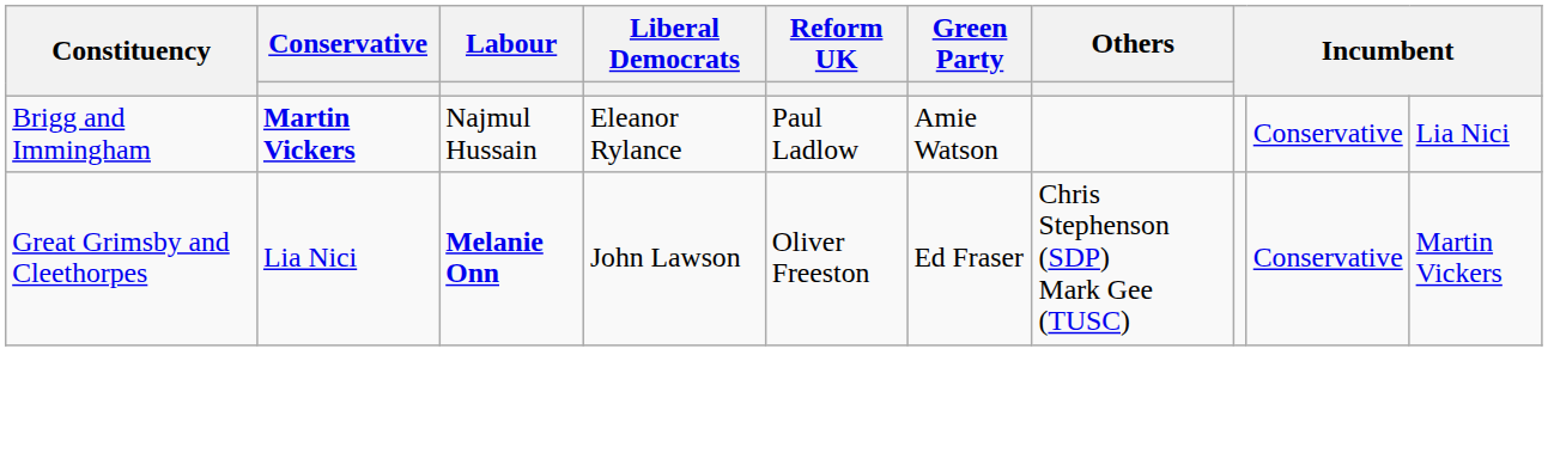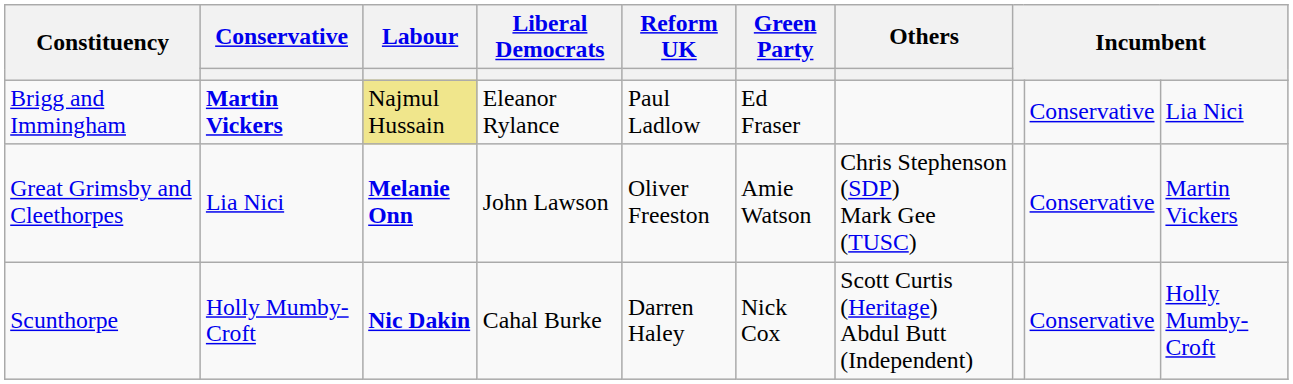 <table class="wikitable sortable sticky-header">
 <tr>
 <th rowspan="2">Constituency</th>
 <th><a href='#'>Conservative</a></th>
 <th><a href='#'>Labour</a></th>
 <th><a href='#'>Liberal Democrats</a></th>
 <th><a href='#'>Reform UK</a></th>
 <th><a href='#'>Green Party</a></th>
 <th>Others</th>
 <th colspan="3" rowspan="2">Incumbent</th>
 </tr>
 <tr>
 <th class="unsortable" style="background-color: "></th>
 <th class="unsortable" style="background-color: "></th>
 <th class="unsortable" style="background-color: "></th>
 <th class="unsortable" style="background-color: "></th>
 <th class="unsortable" style="background-color: "></th>
 <th class="unsortable"></th>
 </tr>
 <tr>
 <td><a href='#'>Brigg and Immingham</a></td>
 <td><strong><a href='#'>Martin Vickers</a></strong></td>
-<td>Najmul Hussain</td>
+<td style="background: khaki;">Najmul Hussain</td>
 <td>Eleanor Rylance</td>
 <td>Paul Ladlow</td>
-<td>Amie Watson</td>
+<td>Ed Fraser</td>
 <td></td>
 <td></td>
 <td><a href='#'>Conservative</a></td>
 <td><a href='#'>Lia Nici</a></td>
 </tr>
 <tr>
 <td><a href='#'>Great Grimsby and Cleethorpes</a></td>
 <td><a href='#'>Lia Nici</a></td>
 <td><strong><a href='#'>Melanie Onn</a></strong></td>
 <td>John Lawson</td>
 <td>Oliver Freeston</td>
-<td>Ed Fraser</td>
+<td>Amie Watson</td>
 <td>Chris Stephenson (<a href='#'>SDP</a>)<br>Mark Gee (<a href='#'>TUSC</a>)</td>
 <td></td>
 <td><a href='#'>Conservative</a></td>
 <td><a href='#'>Martin Vickers</a></td>
 </tr>
+<tr>
+<td><a href='#'>Scunthorpe</a></td>
+<td><a href='#'>Holly Mumby-Croft</a></td>
+<td><strong><a href='#'>Nic Dakin</a></strong></td>
+<td>Cahal Burke</td>
+<td>Darren Haley</td>
+<td>Nick Cox</td>
+<td>Scott Curtis (<a href='#'>Heritage</a>)<br>Abdul Butt (Independent)</td>
+<td></td>
+<td><a href='#'>Conservative</a></td>
+<td><a href='#'>Holly Mumby-Croft</a></td>
+</tr>
 </table>
